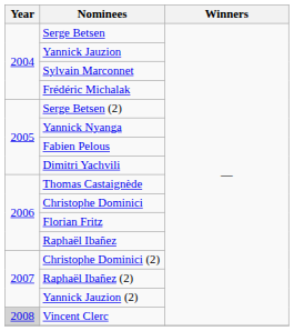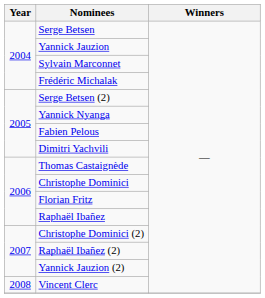 <table class="wikitable">
 <tr>
 <th width=40>Year</th>
 <th width=160>Nominees</th>
 <th width=160>Winners</th>
 </tr>
 <tr>
 <td align=center rowspan=4><a href='#'>2004</a></td>
 <td><a href='#'>Serge Betsen</a></td>
 <td align=center rowspan=16>—</td>
 </tr>
 <tr>
 <td><a href='#'>Yannick Jauzion</a></td>
 </tr>
 <tr>
 <td><a href='#'>Sylvain Marconnet</a></td>
 </tr>
 <tr>
 <td><a href='#'>Frédéric Michalak</a></td>
 </tr>
 <tr>
 <td align=center rowspan=4><a href='#'>2005</a></td>
 <td><a href='#'>Serge Betsen</a> (2)</td>
 </tr>
 <tr>
 <td><a href='#'>Yannick Nyanga</a></td>
 </tr>
 <tr>
 <td><a href='#'>Fabien Pelous</a></td>
 </tr>
 <tr>
 <td><a href='#'>Dimitri Yachvili</a></td>
 </tr>
 <tr>
 <td align=center rowspan=4><a href='#'>2006</a></td>
 <td><a href='#'>Thomas Castaignède</a></td>
 </tr>
 <tr>
 <td><a href='#'>Christophe Dominici</a></td>
 </tr>
 <tr>
 <td><a href='#'>Florian Fritz</a></td>
 </tr>
 <tr>
 <td><a href='#'>Raphaël Ibañez</a></td>
 </tr>
 <tr>
 <td align=center rowspan=3><a href='#'>2007</a></td>
 <td><a href='#'>Christophe Dominici</a> (2)</td>
 </tr>
 <tr>
 <td><a href='#'>Raphaël Ibañez</a> (2)</td>
 </tr>
 <tr>
 <td><a href='#'>Yannick Jauzion</a> (2)</td>
 </tr>
 <tr>
-<td align=center style="background: lightgrey;"><a href='#'>2008</a></td>
+<td align=center><a href='#'>2008</a></td>
 <td><a href='#'>Vincent Clerc</a></td>
 </tr>
 <tr>
 </tr>
 </table>
